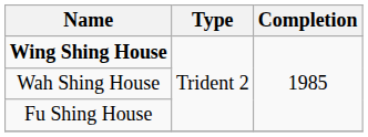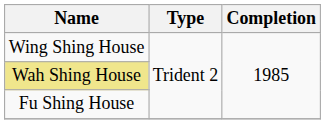 <table class="wikitable" style="text-align: center">
 <tr>
 <th>Name</th>
 <th>Type</th>
 <th>Completion</th>
 </tr>
 <tr>
-<td><strong>Wing Shing House</strong></td>
+<td>Wing Shing House</td>
 <td rowspan="3">Trident 2</td>
 <td rowspan="3">1985</td>
 </tr>
 <tr>
-<td>Wah Shing House</td>
+<td style="background: khaki;">Wah Shing House</td>
 </tr>
 <tr>
 <td>Fu Shing House</td>
 </tr>
 <tr>
 </tr>
 </table>
